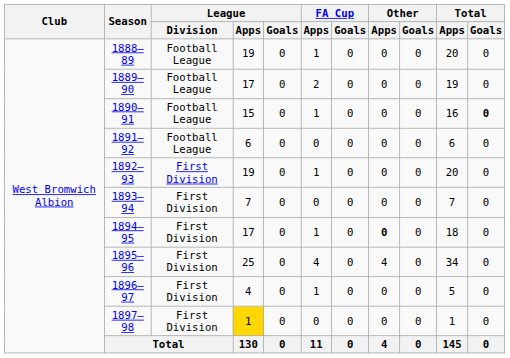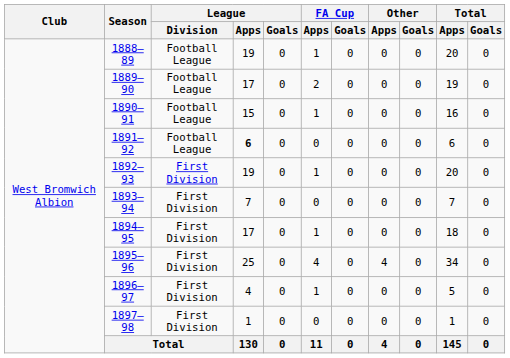 <table class="wikitable" style="text-align:center">
 <tr>
 <th rowspan="2">Club</th>
 <th rowspan="2">Season</th>
 <th colspan="3">League</th>
 <th colspan="2"><a href='#'>FA Cup</a></th>
 <th colspan="2">Other</th>
 <th colspan="2">Total</th>
 </tr>
 <tr>
 <th>Division</th>
 <th>Apps</th>
 <th>Goals</th>
 <th>Apps</th>
 <th>Goals</th>
 <th>Apps</th>
 <th>Goals</th>
 <th>Apps</th>
 <th>Goals</th>
 </tr>
 <tr>
 <td rowspan="11"><a href='#'>West Bromwich Albion</a></td>
 <td><a href='#'>1888–89</a></td>
 <td>Football League</td>
 <td>19</td>
 <td>0</td>
 <td>1</td>
 <td>0</td>
 <td>0</td>
 <td>0</td>
 <td>20</td>
 <td>0</td>
 </tr>
 <tr>
 <td><a href='#'>1889–90</a></td>
 <td>Football League</td>
 <td>17</td>
 <td>0</td>
 <td>2</td>
 <td>0</td>
 <td>0</td>
 <td>0</td>
 <td>19</td>
 <td>0</td>
 </tr>
 <tr>
 <td><a href='#'>1890–91</a></td>
 <td>Football League</td>
 <td>15</td>
 <td>0</td>
 <td>1</td>
 <td>0</td>
 <td>0</td>
 <td>0</td>
 <td>16</td>
-<td><strong>0</strong></td>
+<td>0</td>
 </tr>
 <tr>
 <td><a href='#'>1891–92</a></td>
 <td>Football League</td>
-<td>6</td>
+<td><strong>6</strong></td>
 <td>0</td>
 <td>0</td>
 <td>0</td>
 <td>0</td>
 <td>0</td>
 <td>6</td>
 <td>0</td>
 </tr>
 <tr>
 <td><a href='#'>1892–93</a></td>
 <td><a href='#'>First Division</a></td>
 <td>19</td>
 <td>0</td>
 <td>1</td>
 <td>0</td>
 <td>0</td>
 <td>0</td>
 <td>20</td>
 <td>0</td>
 </tr>
 <tr>
 <td><a href='#'>1893–94</a></td>
 <td>First Division</td>
 <td>7</td>
 <td>0</td>
 <td>0</td>
 <td>0</td>
 <td>0</td>
 <td>0</td>
 <td>7</td>
 <td>0</td>
 </tr>
 <tr>
 <td><a href='#'>1894–95</a></td>
 <td>First Division</td>
 <td>17</td>
 <td>0</td>
 <td>1</td>
 <td>0</td>
-<td><strong>0</strong></td>
+<td>0</td>
 <td>0</td>
 <td>18</td>
 <td>0</td>
 </tr>
 <tr>
 <td><a href='#'>1895–96</a></td>
 <td>First Division</td>
 <td>25</td>
 <td>0</td>
 <td>4</td>
 <td>0</td>
 <td>4</td>
 <td>0</td>
 <td>34</td>
 <td>0</td>
 </tr>
 <tr>
 <td><a href='#'>1896–97</a></td>
 <td>First Division</td>
 <td>4</td>
 <td>0</td>
 <td>1</td>
 <td>0</td>
 <td>0</td>
 <td>0</td>
 <td>5</td>
 <td>0</td>
 </tr>
 <tr>
 <td><a href='#'>1897–98</a></td>
 <td>First Division</td>
-<td style="background: gold;">1</td>
+<td>1</td>
 <td>0</td>
 <td>0</td>
 <td>0</td>
 <td>0</td>
 <td>0</td>
 <td>1</td>
 <td>0</td>
 </tr>
 <tr>
 <th colspan="2">Total</th>
 <th>130</th>
 <th>0</th>
 <th>11</th>
 <th>0</th>
 <th>4</th>
 <th>0</th>
 <th>145</th>
 <th>0</th>
 </tr>
 </table>
